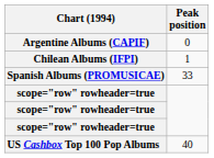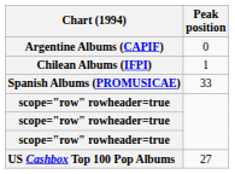 <table class="wikitable sortable plainrowheaders">
 <tr>
 <th>Chart (1994)</th>
 <th>Peak<br>position</th>
 </tr>
 <tr>
 <th scope="row">Argentine Albums (<a href='#'>CAPIF</a>)</th>
 <td style="text-align:center;">0</td>
 </tr>
 <tr>
 <th scope="row">Chilean Albums (<a href='#'>IFPI</a>)</th>
 <td style="text-align:center;">1</td>
 </tr>
 <tr>
 <th scope="row" style="text-align:left;">Spanish Albums (<a href='#'>PROMUSICAE</a>)</th>
 <td align="center">33</td>
 </tr>
 <tr>
 <th>scope="row" rowheader=true</th>
 </tr>
 <tr>
 <th>scope="row" rowheader=true</th>
 </tr>
 <tr>
 <th>scope="row" rowheader=true</th>
 </tr>
 <tr>
 <th scope="row" style="text-align:left;">US <em><a href='#'>Cashbox</a></em> Top 100 Pop Albums</th>
-<td align="center">40</td>
+<td align="center">27</td>
 </tr>
 </table>
